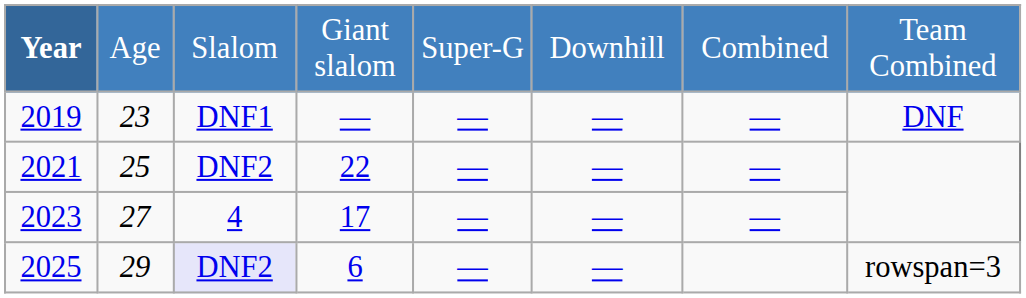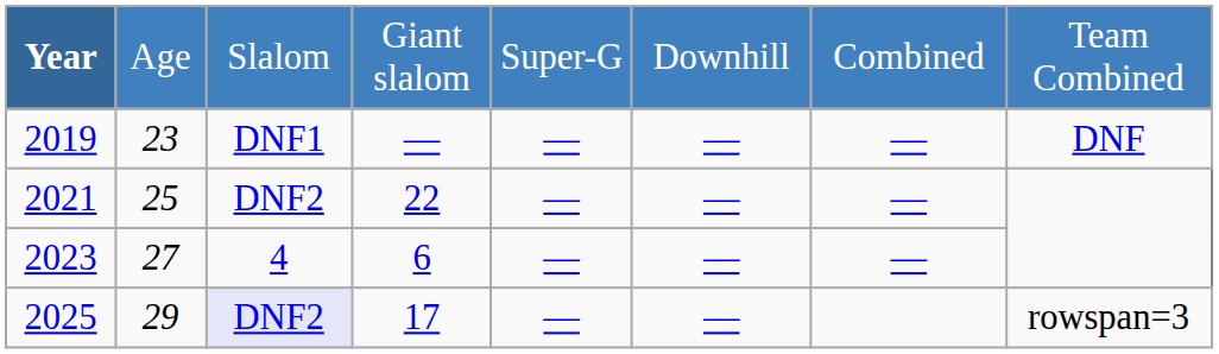 <table class="wikitable" style="font-size:95%; text-align:center; border:grey solid 1px; border-collapse:collapse;" width="40%">
 <tr style="background-color:#369; color:white;">
 <td rowspan="2" colspan="1" width="3%"><strong>Year</strong></td>
 </tr>
 <tr style="background-color:#4180be; color:white;">
 <td width="2%">Age</td>
 <td width="4%">Slalom</td>
 <td width="4%">Giant<br>slalom</td>
 <td width="4%">Super-G</td>
 <td width="4%">Downhill</td>
 <td width="4%">Combined</td>
 <td width="4%">Team Combined</td>
 </tr>
 <tr>
 <td><a href='#'>2019</a></td>
 <td><em>23</em></td>
 <td><a href='#'>DNF1</a></td>
 <td><a href='#'>—</a></td>
 <td><a href='#'>—</a></td>
 <td><a href='#'>—</a></td>
 <td><a href='#'>—</a></td>
 <td><a href='#'>DNF</a></td>
 </tr>
 <tr>
 <td><a href='#'>2021</a></td>
 <td><em>25</em></td>
 <td><a href='#'>DNF2</a></td>
 <td><a href='#'>22</a></td>
 <td><a href='#'>—</a></td>
 <td><a href='#'>—</a></td>
 <td><a href='#'>—</a></td>
 </tr>
 <tr>
 <td><a href='#'>2023</a></td>
 <td><em>27</em></td>
 <td><a href='#'>4</a></td>
-<td><a href='#'>17</a></td>
+<td><a href='#'>6</a></td>
 <td><a href='#'>—</a></td>
 <td><a href='#'>—</a></td>
 <td><a href='#'>—</a></td>
 </tr>
 <tr>
 <td><a href='#'>2025</a></td>
 <td><em>29</em></td>
 <td style="background: lavender;"><a href='#'>DNF2</a></td>
-<td><a href='#'>6</a></td>
+<td><a href='#'>17</a></td>
 <td><a href='#'>—</a></td>
 <td><a href='#'>—</a></td>
 <td></td>
 <td>rowspan=3 </td>
 </tr>
 </table>
